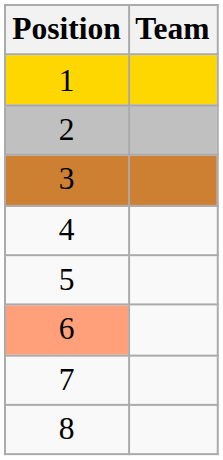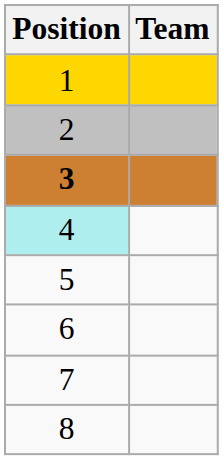 <table class="wikitable" style="text-align:center;">
 <tr>
 <th>Position</th>
 <th>Team</th>
 </tr>
 <tr style="background:#FFD700;">
 <td>1</td>
 <td></td>
 </tr>
 <tr style="background:#C0C0C0;">
 <td>2</td>
 <td></td>
 </tr>
 <tr style="background:#CD7F32;">
-<td>3</td>
+<td><strong>3</strong></td>
 <td></td>
 </tr>
 <tr>
-<td>4</td>
+<td style="background: paleturquoise;">4</td>
 <td></td>
 </tr>
 <tr>
 <td>5</td>
 <td></td>
 </tr>
 <tr>
-<td style="background: lightsalmon;">6</td>
+<td>6</td>
 <td></td>
 </tr>
 <tr>
 <td>7</td>
 <td></td>
 </tr>
 <tr>
 <td>8</td>
 <td></td>
 </tr>
 </table>
